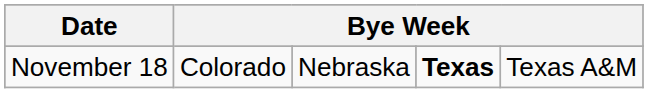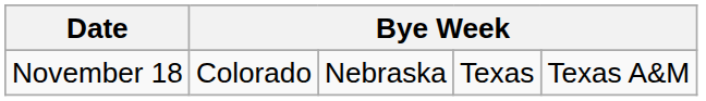 <table class="wikitable" style="font-size:95%">
 <tr>
 <th>Date</th>
 <th colspan="4">Bye Week</th>
 </tr>
 <tr>
 <td>November 18</td>
 <td>Colorado</td>
 <td>Nebraska</td>
-<td><strong>Texas</strong></td>
+<td>Texas</td>
 <td>Texas A&M</td>
 </tr>
 </table>
